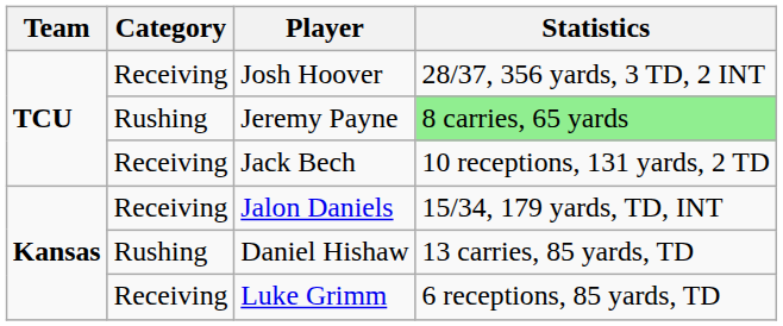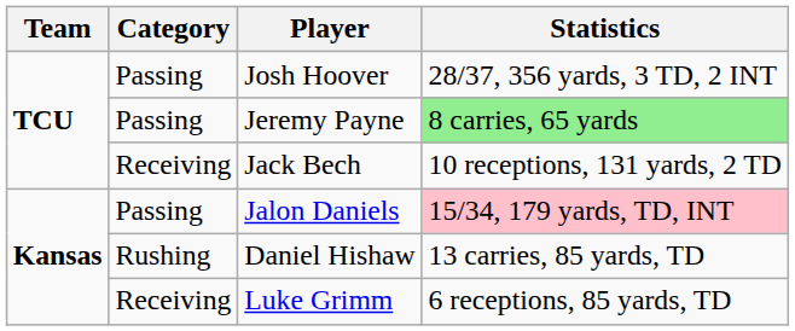 <table class="wikitable" style="float: right;">
 <tr>
 <th>Team</th>
 <th>Category</th>
 <th>Player</th>
 <th>Statistics</th>
 </tr>
 <tr>
 <td rowspan=3><strong>TCU</strong></td>
-<td>Receiving</td>
+<td>Passing</td>
 <td>Josh Hoover</td>
 <td>28/37, 356 yards, 3 TD, 2 INT</td>
 </tr>
 <tr>
-<td>Rushing</td>
+<td>Passing</td>
 <td>Jeremy Payne</td>
 <td style="background: lightgreen;">8 carries, 65 yards</td>
 </tr>
 <tr>
 <td>Receiving</td>
 <td>Jack Bech</td>
 <td>10 receptions, 131 yards, 2 TD</td>
 </tr>
 <tr>
 <td rowspan=3><strong>Kansas</strong></td>
-<td>Receiving</td>
+<td>Passing</td>
 <td><a href='#'>Jalon Daniels</a></td>
-<td>15/34, 179 yards, TD, INT</td>
+<td style="background: pink;">15/34, 179 yards, TD, INT</td>
 </tr>
 <tr>
 <td>Rushing</td>
 <td>Daniel Hishaw</td>
 <td>13 carries, 85 yards, TD</td>
 </tr>
 <tr>
 <td>Receiving</td>
 <td><a href='#'>Luke Grimm</a></td>
 <td>6 receptions, 85 yards, TD</td>
 </tr>
 </table>
